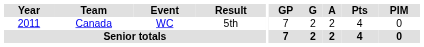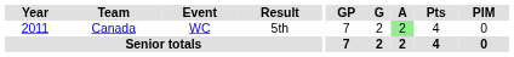 <table border="0" cellpadding="1" cellspacing="0" ID="Table3" style="text-align:center; width:40em">
 <tr ALIGN="center" bgcolor="#e0e0e0">
 <th>Year</th>
 <th>Team</th>
 <th>Event</th>
 <th>Result</th>
 <th rowspan="99" bgcolor="#ffffff"></th>
 <th>GP</th>
 <th>G</th>
 <th>A</th>
 <th>Pts</th>
 <th>PIM</th>
 </tr>
 <tr>
 <td><a href='#'>2011</a></td>
 <td><a href='#'>Canada</a></td>
 <td><a href='#'>WC</a></td>
 <td>5th</td>
 <td>7</td>
 <td>2</td>
-<td>2</td>
+<td style="background: lightgreen;">2</td>
 <td>4</td>
 <td>0</td>
 </tr>
 <tr bgcolor="#e0e0e0">
 <th colspan=4>Senior totals</th>
 <th>7</th>
 <th>2</th>
 <th>2</th>
 <th>4</th>
 <th>0</th>
 </tr>
 </table>
